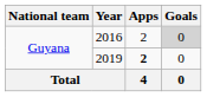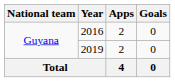 <table class="wikitable" style="text-align:center">
 <tr>
 <th>National team</th>
 <th>Year</th>
 <th>Apps</th>
 <th>Goals</th>
 </tr>
 <tr>
 <td rowspan="2"><a href='#'>Guyana</a></td>
 <td>2016</td>
 <td>2</td>
-<td style="background: lightgrey;">0</td>
+<td>0</td>
 </tr>
 <tr>
 <td>2019</td>
-<td><strong>2</strong></td>
+<td>2</td>
 <td>0</td>
 </tr>
 <tr>
 <th colspan=2>Total</th>
 <th>4</th>
 <th>0</th>
 </tr>
 </table>
